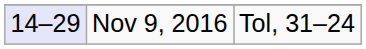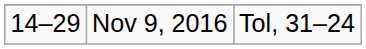 <table class="wikitable">
 <tr align="center">
 </tr>
 <tr align="center">
-<td style="background: lavender;">14–29</td>
+<td>14–29</td>
 <td>Nov 9, 2016</td>
 <td>Tol, 31–24</td>
 </tr>
 </table>
